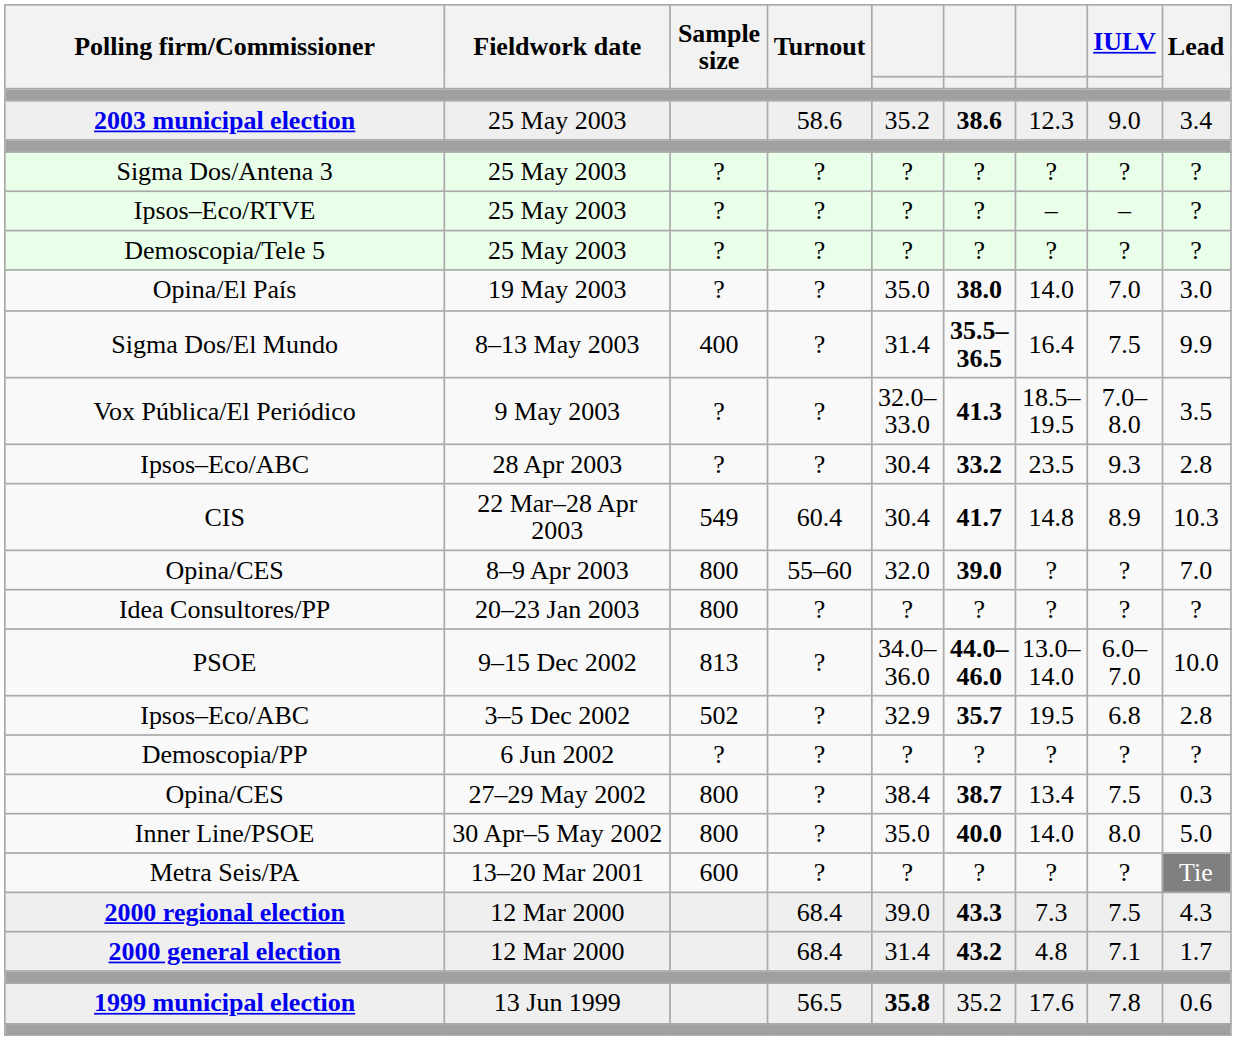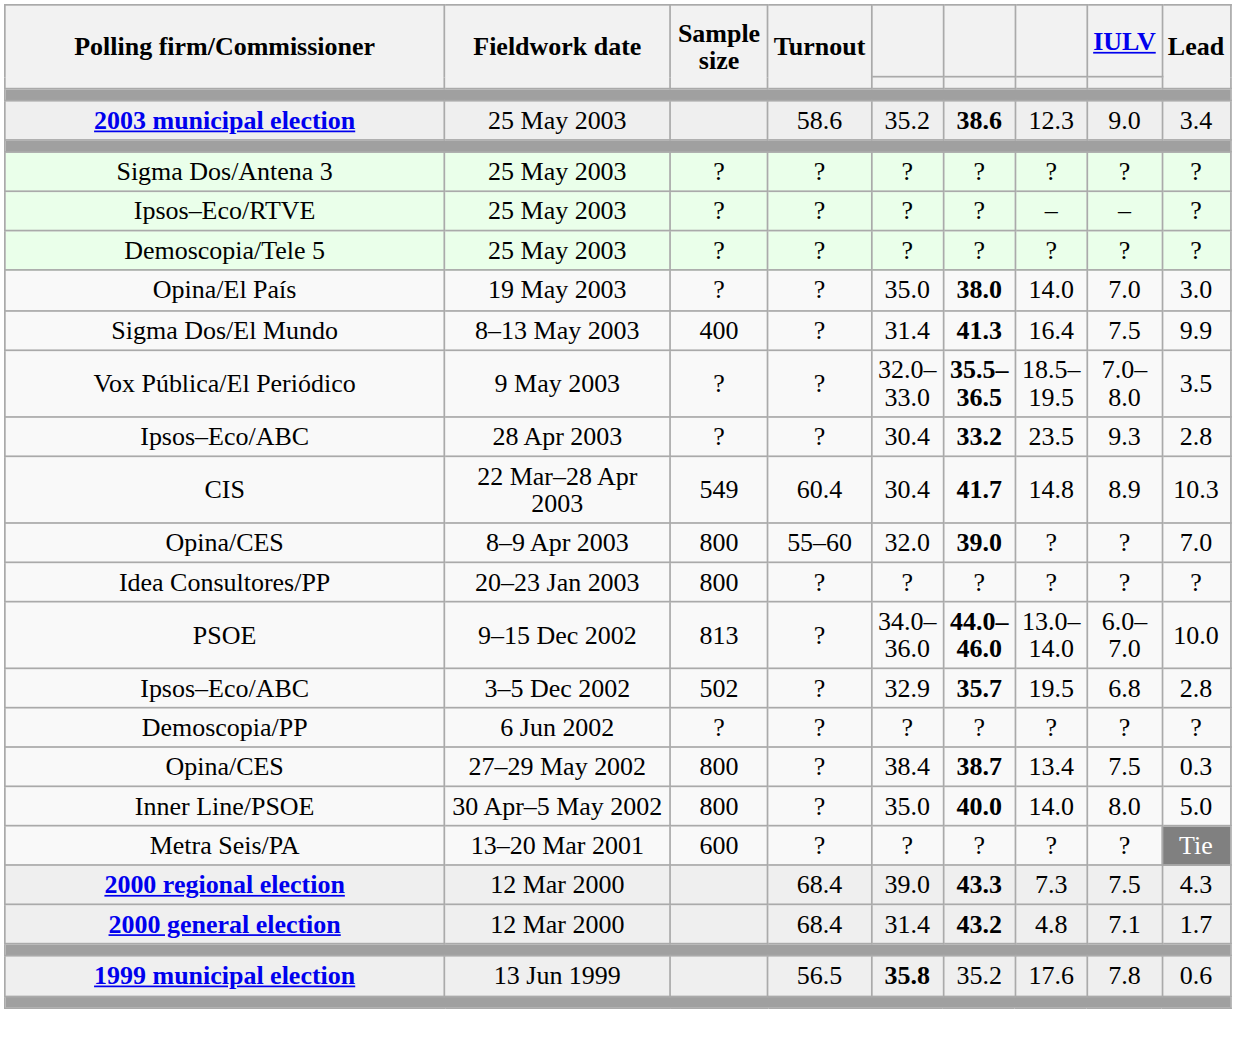 <table class="wikitable collapsible collapsed" style="text-align:center; font-size:95%; line-height:16px;">
 <tr style="height:42px;">
 <th style="width:250px;" rowspan="2">Polling firm/Commissioner</th>
 <th style="width:125px;" rowspan="2">Fieldwork date</th>
 <th style="width:50px;" rowspan="2">Sample size</th>
 <th style="width:45px;" rowspan="2">Turnout</th>
 <th style="width:35px;"></th>
 <th style="width:35px;"></th>
 <th style="width:35px;"></th>
 <th style="width:35px;"><a href='#'>IULV</a></th>
 <th style="width:30px;" rowspan="2">Lead</th>
 </tr>
 <tr>
 <th style="color:inherit;background:"></th>
 <th style="color:inherit;background:"></th>
 <th style="color:inherit;background:"></th>
 <th style="color:inherit;background:"></th>
 </tr>
 <tr>
 <td colspan="9" style="background:#A0A0A0"></td>
 </tr>
 <tr style="background:#EFEFEF;">
 <td><strong><a href='#'>2003 municipal election</a></strong></td>
 <td>25 May 2003</td>
 <td></td>
 <td>58.6</td>
 <td>35.2<br></td>
 <td><strong>38.6</strong><br></td>
 <td>12.3<br></td>
 <td>9.0<br></td>
 <td style="background:">3.4</td>
 </tr>
 <tr>
 <td colspan="9" style="background:#A0A0A0"></td>
 </tr>
 <tr style="background:#EAFFEA;">
 <td>Sigma Dos/Antena 3</td>
 <td>25 May 2003</td>
 <td>?</td>
 <td>?</td>
 <td>?<br></td>
 <td>?<br></td>
 <td>?<br></td>
 <td>?<br></td>
 <td style="background:">?</td>
 </tr>
 <tr style="background:#EAFFEA;">
 <td>Ipsos–Eco/RTVE</td>
 <td>25 May 2003</td>
 <td>?</td>
 <td>?</td>
 <td>?<br></td>
 <td>?<br></td>
 <td>–</td>
 <td>–</td>
 <td style="background:">?</td>
 </tr>
 <tr style="background:#EAFFEA;">
 <td>Demoscopia/Tele 5</td>
 <td>25 May 2003</td>
 <td>?</td>
 <td>?</td>
 <td>?<br></td>
 <td>?<br></td>
 <td>?<br></td>
 <td>?<br></td>
 <td style="background:">?</td>
 </tr>
 <tr>
 <td>Opina/El País</td>
 <td>19 May 2003</td>
 <td>?</td>
 <td>?</td>
 <td>35.0<br></td>
 <td><strong>38.0</strong><br></td>
 <td>14.0<br></td>
 <td>7.0<br></td>
 <td style="background:">3.0</td>
 </tr>
 <tr>
 <td>Sigma Dos/El Mundo</td>
 <td>8–13 May 2003</td>
 <td>400</td>
 <td>?</td>
 <td>31.4<br></td>
-<td><strong>35.5–<br>36.5</strong><br></td>
+<td><strong>41.3</strong><br></td>
 <td>16.4<br></td>
 <td>7.5<br></td>
 <td style="background:">9.9</td>
 </tr>
 <tr>
 <td>Vox Pública/El Periódico</td>
 <td>9 May 2003</td>
 <td>?</td>
 <td>?</td>
 <td>32.0–<br>33.0<br></td>
-<td><strong>41.3</strong><br></td>
+<td><strong>35.5–<br>36.5</strong><br></td>
 <td>18.5–<br>19.5<br></td>
 <td>7.0–<br>8.0<br></td>
 <td style="background:">3.5</td>
 </tr>
 <tr>
 <td>Ipsos–Eco/ABC</td>
 <td>28 Apr 2003</td>
 <td>?</td>
 <td>?</td>
 <td>30.4<br></td>
 <td><strong>33.2</strong><br></td>
 <td>23.5<br></td>
 <td>9.3<br></td>
 <td style="background:">2.8</td>
 </tr>
 <tr>
 <td>CIS</td>
 <td>22 Mar–28 Apr 2003</td>
 <td>549</td>
 <td>60.4</td>
 <td>30.4<br></td>
 <td><strong>41.7</strong><br></td>
 <td>14.8<br></td>
 <td>8.9<br></td>
 <td style="background:">10.3</td>
 </tr>
 <tr>
 <td>Opina/CES</td>
 <td>8–9 Apr 2003</td>
 <td>800</td>
 <td>55–60</td>
 <td>32.0<br></td>
 <td><strong>39.0</strong><br></td>
 <td>?<br></td>
 <td>?<br></td>
 <td style="background:">7.0</td>
 </tr>
 <tr>
 <td>Idea Consultores/PP</td>
 <td>20–23 Jan 2003</td>
 <td>800</td>
 <td>?</td>
 <td>?<br></td>
 <td>?<br></td>
 <td>?<br></td>
 <td>?<br></td>
 <td style="background:">?</td>
 </tr>
 <tr>
 <td>PSOE</td>
 <td>9–15 Dec 2002</td>
 <td>813</td>
 <td>?</td>
 <td>34.0–<br>36.0<br></td>
 <td><strong>44.0–<br>46.0</strong><br></td>
 <td>13.0–<br>14.0<br></td>
 <td>6.0–<br>7.0<br></td>
 <td style="background:">10.0</td>
 </tr>
 <tr>
 <td>Ipsos–Eco/ABC</td>
 <td>3–5 Dec 2002</td>
 <td>502</td>
 <td>?</td>
 <td>32.9<br></td>
 <td><strong>35.7</strong><br></td>
 <td>19.5<br></td>
 <td>6.8<br></td>
 <td style="background:">2.8</td>
 </tr>
 <tr>
 <td>Demoscopia/PP</td>
 <td>6 Jun 2002</td>
 <td>?</td>
 <td>?</td>
 <td>?<br></td>
 <td>?<br></td>
 <td>?<br></td>
 <td>?<br></td>
 <td style="background:">?</td>
 </tr>
 <tr>
 <td>Opina/CES</td>
 <td>27–29 May 2002</td>
 <td>800</td>
 <td>?</td>
 <td>38.4<br></td>
 <td><strong>38.7</strong><br></td>
 <td>13.4<br></td>
 <td>7.5<br></td>
 <td style="background:">0.3</td>
 </tr>
 <tr>
 <td>Inner Line/PSOE</td>
 <td>30 Apr–5 May 2002</td>
 <td>800</td>
 <td>?</td>
 <td>35.0</td>
 <td><strong>40.0</strong></td>
 <td>14.0</td>
 <td>8.0</td>
 <td style="background:">5.0</td>
 </tr>
 <tr>
 <td>Metra Seis/PA</td>
 <td>13–20 Mar 2001</td>
 <td>600</td>
 <td>?</td>
 <td>?<br></td>
 <td>?<br></td>
 <td>?<br></td>
 <td>?<br></td>
 <td style="background:gray;color:white;">Tie</td>
 </tr>
 <tr style="background:#EFEFEF;">
 <td><strong><a href='#'>2000 regional election</a></strong></td>
 <td>12 Mar 2000</td>
 <td></td>
 <td>68.4</td>
 <td>39.0<br></td>
 <td><strong>43.3</strong><br></td>
 <td>7.3<br></td>
 <td>7.5<br></td>
 <td style="background:">4.3</td>
 </tr>
 <tr style="background:#EFEFEF;">
 <td><strong><a href='#'>2000 general election</a></strong></td>
 <td>12 Mar 2000</td>
 <td></td>
 <td>68.4</td>
 <td>31.4<br></td>
 <td><strong>43.2</strong><br></td>
 <td>4.8<br></td>
 <td>7.1<br></td>
 <td style="background:">1.7</td>
 </tr>
 <tr>
 <td colspan="9" style="background:#A0A0A0"></td>
 </tr>
 <tr style="background:#EFEFEF;">
 <td><strong><a href='#'>1999 municipal election</a></strong></td>
 <td>13 Jun 1999</td>
 <td></td>
 <td>56.5</td>
 <td><strong>35.8</strong><br></td>
 <td>35.2<br></td>
 <td>17.6<br></td>
 <td>7.8<br></td>
 <td style="background:">0.6</td>
 </tr>
 <tr>
 <td colspan="9" style="background:#A0A0A0"></td>
 </tr>
 </table>
